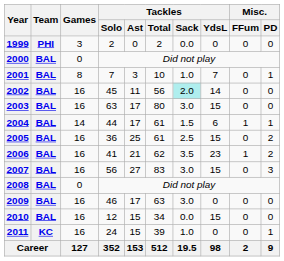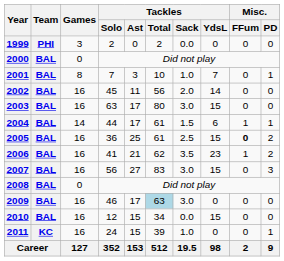 <table class="wikitable" style="text-align: center;">
 <tr>
 <th rowspan="2">Year</th>
 <th rowspan="2">Team</th>
 <th rowspan="2">Games</th>
 <th colspan="5">Tackles</th>
 <th colspan="2">Misc.</th>
 </tr>
 <tr>
 <th>Solo</th>
 <th>Ast</th>
 <th>Total</th>
 <th>Sack</th>
 <th>YdsL</th>
 <th>FFum</th>
 <th>PD</th>
 </tr>
 <tr>
 <th><a href='#'>1999</a></th>
 <th><a href='#'>PHI</a></th>
 <td>3</td>
 <td>2</td>
 <td>0</td>
 <td>2</td>
 <td>0.0</td>
 <td>0</td>
 <td>0</td>
 <td>0</td>
 </tr>
 <tr>
 <th><a href='#'>2000</a></th>
 <th><a href='#'>BAL</a></th>
 <td>0</td>
 <td colspan="7"><em>Did not play</em></td>
 </tr>
 <tr>
 <th><a href='#'>2001</a></th>
 <th><a href='#'>BAL</a></th>
 <td>8</td>
 <td>7</td>
 <td>3</td>
 <td>10</td>
 <td>1.0</td>
 <td>7</td>
 <td>0</td>
 <td>1</td>
 </tr>
 <tr>
 <th><a href='#'>2002</a></th>
 <th><a href='#'>BAL</a></th>
 <td>16</td>
 <td>45</td>
 <td>11</td>
 <td>56</td>
-<td style="background: paleturquoise;">2.0</td>
+<td>2.0</td>
 <td>14</td>
 <td>0</td>
 <td>0</td>
 </tr>
 <tr>
 <th><a href='#'>2003</a></th>
 <th><a href='#'>BAL</a></th>
 <td>16</td>
 <td>63</td>
 <td>17</td>
 <td>80</td>
 <td>3.0</td>
 <td>15</td>
 <td>0</td>
 <td>0</td>
 </tr>
 <tr>
 <th><a href='#'>2004</a></th>
 <th><a href='#'>BAL</a></th>
 <td>14</td>
 <td>44</td>
 <td>17</td>
 <td>61</td>
 <td>1.5</td>
 <td>6</td>
 <td>1</td>
 <td>1</td>
 </tr>
 <tr>
 <th><a href='#'>2005</a></th>
 <th><a href='#'>BAL</a></th>
 <td>16</td>
 <td>36</td>
 <td>25</td>
 <td>61</td>
 <td>2.5</td>
 <td>15</td>
-<td>0</td>
+<td><strong>0</strong></td>
 <td>2</td>
 </tr>
 <tr>
 <th><a href='#'>2006</a></th>
 <th><a href='#'>BAL</a></th>
 <td>16</td>
 <td>41</td>
 <td>21</td>
 <td>62</td>
 <td>3.5</td>
 <td>23</td>
 <td>1</td>
 <td>2</td>
 </tr>
 <tr>
 <th><a href='#'>2007</a></th>
 <th><a href='#'>BAL</a></th>
 <td>16</td>
 <td>56</td>
 <td>27</td>
 <td>83</td>
 <td>3.0</td>
 <td>15</td>
 <td>0</td>
 <td>3</td>
 </tr>
 <tr>
 <th><a href='#'>2008</a></th>
 <th><a href='#'>BAL</a></th>
 <td>0</td>
 <td colspan="7"><em>Did not play</em></td>
 </tr>
 <tr>
 <th><a href='#'>2009</a></th>
 <th><a href='#'>BAL</a></th>
 <td>16</td>
 <td>46</td>
 <td>17</td>
-<td>63</td>
+<td style="background: lightblue;">63</td>
 <td>3.0</td>
 <td>0</td>
 <td>0</td>
 <td>0</td>
 </tr>
 <tr>
 <th><a href='#'>2010</a></th>
 <th><a href='#'>BAL</a></th>
 <td>16</td>
 <td>12</td>
 <td>15</td>
 <td>34</td>
 <td>0.0</td>
 <td>15</td>
 <td>0</td>
 <td>0</td>
 </tr>
 <tr>
 <th><a href='#'>2011</a></th>
 <th><a href='#'>KC</a></th>
 <td>16</td>
 <td>24</td>
 <td>15</td>
 <td>39</td>
 <td>1.0</td>
 <td>0</td>
 <td>0</td>
 <td>1</td>
 </tr>
 <tr>
 <th colspan="2"><strong>Career</strong></th>
 <th><strong>127</strong></th>
 <th><strong>352</strong></th>
 <th><strong>153</strong></th>
 <th><strong>512</strong></th>
 <th><strong>19.5</strong></th>
 <th><strong>98</strong></th>
 <th><strong>2</strong></th>
 <th><strong>9</strong></th>
 </tr>
 </table>
